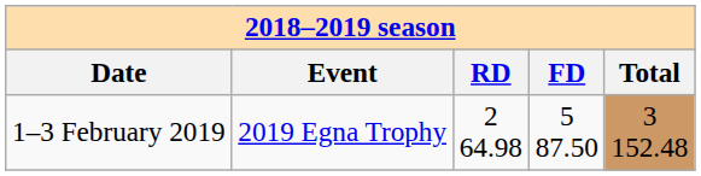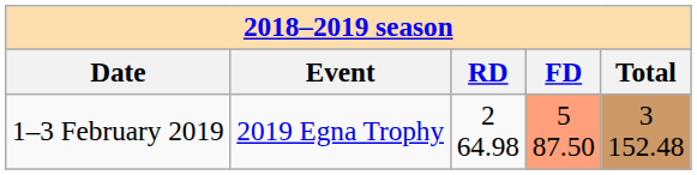 <table class="wikitable">
 <tr>
 <td style="background-color: #ffdead; " colspan=5 align=center><a href='#'><strong>2018–2019 season</strong></a></td>
 </tr>
 <tr>
 <th>Date</th>
 <th>Event</th>
 <th><a href='#'>RD</a></th>
 <th><a href='#'>FD</a></th>
 <th>Total</th>
 </tr>
 <tr>
 <td>1–3 February 2019</td>
 <td><a href='#'>2019 Egna Trophy</a></td>
 <td align=center>2 <br> 64.98</td>
-<td align=center>5 <br> 87.50</td>
+<td align=center style="background: lightsalmon;">5 <br> 87.50</td>
 <td align=center bgcolor=cc9966>3 <br> 152.48</td>
 </tr>
 </table>
